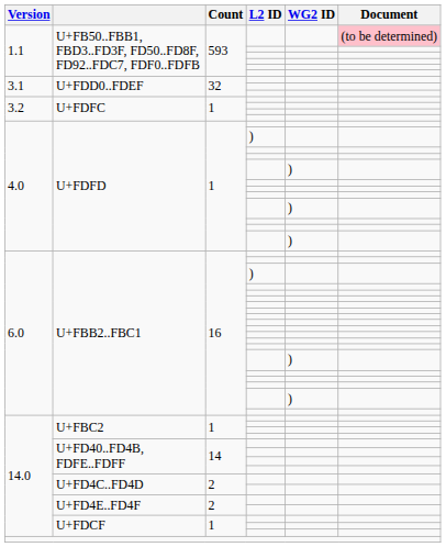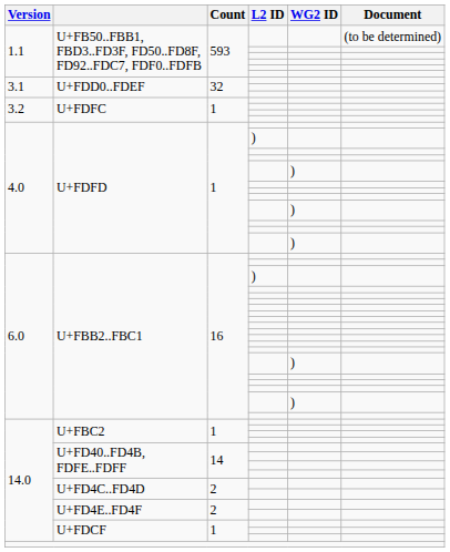 <table class="wikitable collapsible sticky-header">
 <tr>
 <th><a href='#'>Version</a></th>
 <th></th>
 <th>Count</th>
 <th><a href='#'>L2</a> ID</th>
 <th><a href='#'>WG2</a> ID</th>
 <th>Document</th>
 </tr>
 <tr>
 <td rowspan="6">1.1</td>
 <td rowspan="6" width="180">U+FB50..FBB1, FBD3..FD3F, FD50..FD8F, FD92..FDC7, FDF0..FDFB</td>
 <td rowspan="6">593</td>
 <td></td>
 <td></td>
-<td style="background: pink;">(to be determined)</td>
+<td>(to be determined)</td>
 </tr>
 <tr>
 <td></td>
 <td></td>
 <td></td>
 </tr>
 <tr>
 <td></td>
 <td></td>
 <td></td>
 </tr>
 <tr>
 <td></td>
 <td></td>
 <td></td>
 </tr>
 <tr>
 <td></td>
 <td></td>
 <td></td>
 </tr>
 <tr>
 <td></td>
 <td></td>
 <td></td>
 </tr>
 <tr>
 <td rowspan="3">3.1</td>
 <td rowspan="3">U+FDD0..FDEF</td>
 <td rowspan="3">32</td>
 <td></td>
 <td></td>
 <td></td>
 </tr>
 <tr>
 <td></td>
 <td></td>
 <td></td>
 </tr>
 <tr>
 <td></td>
 <td></td>
 <td></td>
 </tr>
 <tr>
 <td rowspan="4">3.2</td>
 <td rowspan="4">U+FDFC</td>
 <td rowspan="4">1</td>
 <td></td>
 <td></td>
 <td></td>
 </tr>
 <tr>
 <td></td>
 <td></td>
 <td></td>
 </tr>
 <tr>
 <td></td>
 <td></td>
 <td></td>
 </tr>
 <tr>
 <td></td>
 <td></td>
 <td></td>
 </tr>
 <tr>
 <td rowspan="12">4.0</td>
 <td rowspan="12">U+FDFD</td>
 <td rowspan="12">1</td>
 <td></td>
 <td></td>
 <td></td>
 </tr>
 <tr>
 <td> )</td>
 <td></td>
 <td></td>
 </tr>
 <tr>
 <td></td>
 <td></td>
 <td></td>
 </tr>
 <tr>
 <td></td>
 <td></td>
 <td></td>
 </tr>
 <tr>
 <td></td>
 <td> )</td>
 <td></td>
 </tr>
 <tr>
 <td></td>
 <td></td>
 <td></td>
 </tr>
 <tr>
 <td></td>
 <td></td>
 <td></td>
 </tr>
 <tr>
 <td></td>
 <td></td>
 <td></td>
 </tr>
 <tr>
 <td></td>
 <td> )</td>
 <td></td>
 </tr>
 <tr>
 <td></td>
 <td></td>
 <td></td>
 </tr>
 <tr>
 <td></td>
 <td></td>
 <td></td>
 </tr>
 <tr>
 <td></td>
 <td> )</td>
 <td></td>
 </tr>
 <tr>
 <td rowspan="20">6.0</td>
 <td rowspan="20">U+FBB2..FBC1</td>
 <td rowspan="20">16</td>
 <td></td>
 <td></td>
 <td></td>
 </tr>
 <tr>
 <td></td>
 <td></td>
 <td></td>
 </tr>
 <tr>
 <td> )</td>
 <td></td>
 <td></td>
 </tr>
 <tr>
 <td></td>
 <td></td>
 <td></td>
 </tr>
 <tr>
 <td></td>
 <td></td>
 <td></td>
 </tr>
 <tr>
 <td></td>
 <td></td>
 <td></td>
 </tr>
 <tr>
 <td></td>
 <td></td>
 <td></td>
 </tr>
 <tr>
 <td></td>
 <td></td>
 <td></td>
 </tr>
 <tr>
 <td></td>
 <td></td>
 <td></td>
 </tr>
 <tr>
 <td></td>
 <td></td>
 <td></td>
 </tr>
 <tr>
 <td></td>
 <td></td>
 <td></td>
 </tr>
 <tr>
 <td></td>
 <td></td>
 <td></td>
 </tr>
 <tr>
 <td></td>
 <td></td>
 <td></td>
 </tr>
 <tr>
 <td></td>
 <td></td>
 <td></td>
 </tr>
 <tr>
 <td></td>
 <td> )</td>
 <td></td>
 </tr>
 <tr>
 <td></td>
 <td></td>
 <td></td>
 </tr>
 <tr>
 <td></td>
 <td></td>
 <td></td>
 </tr>
 <tr>
 <td></td>
 <td></td>
 <td></td>
 </tr>
 <tr>
 <td></td>
 <td> )</td>
 <td></td>
 </tr>
 <tr>
 <td></td>
 <td></td>
 <td></td>
 </tr>
 <tr>
 <td rowspan="15">14.0</td>
 <td rowspan="4">U+FBC2</td>
 <td rowspan="4">1</td>
 <td></td>
 <td></td>
 <td></td>
 </tr>
 <tr>
 <td></td>
 <td></td>
 <td></td>
 </tr>
 <tr>
 <td></td>
 <td></td>
 <td></td>
 </tr>
 <tr>
 <td></td>
 <td></td>
 <td></td>
 </tr>
 <tr>
 <td rowspan="4">U+FD40..FD4B, FDFE..FDFF</td>
 <td rowspan="4">14</td>
 <td></td>
 <td></td>
 <td></td>
 </tr>
 <tr>
 <td></td>
 <td></td>
 <td></td>
 </tr>
 <tr>
 <td></td>
 <td></td>
 <td></td>
 </tr>
 <tr>
 <td></td>
 <td></td>
 <td></td>
 </tr>
 <tr>
 <td rowspan="2">U+FD4C..FD4D</td>
 <td rowspan="2">2</td>
 <td></td>
 <td></td>
 <td></td>
 </tr>
 <tr>
 <td></td>
 <td></td>
 <td></td>
 </tr>
 <tr>
 <td rowspan="2">U+FD4E..FD4F</td>
 <td rowspan="2">2</td>
 <td></td>
 <td></td>
 <td></td>
 </tr>
 <tr>
 <td></td>
 <td></td>
 <td></td>
 </tr>
 <tr>
 <td rowspan="3">U+FDCF</td>
 <td rowspan="3">1</td>
 <td></td>
 <td></td>
 <td></td>
 </tr>
 <tr>
 <td></td>
 <td></td>
 <td></td>
 </tr>
 <tr>
 <td></td>
 <td></td>
 <td></td>
 </tr>
 <tr class="sortbottom">
 <td colspan="6"></td>
 </tr>
 </table>
